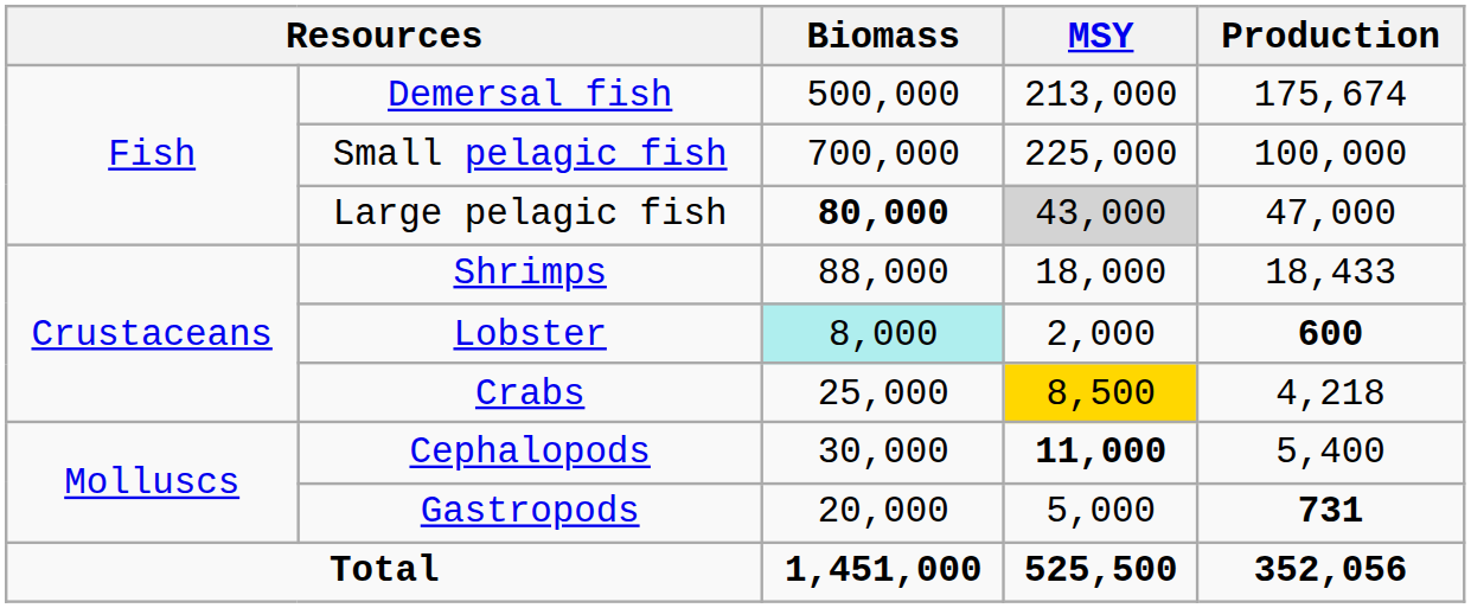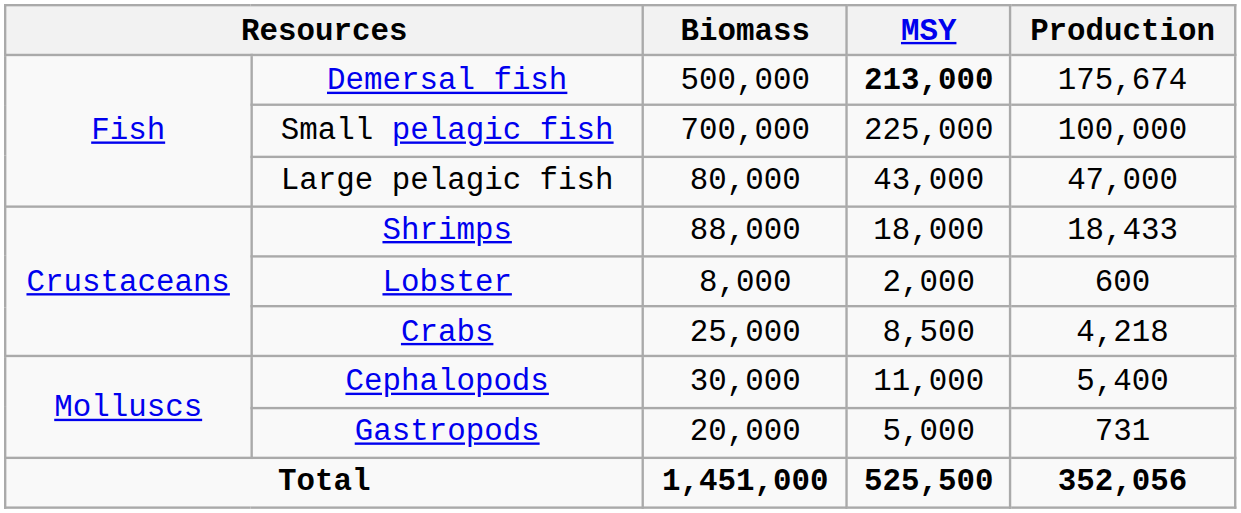 <table class="wikitable" style="text-align:center; align: center; width: 40em; font-size: 100%; border: 2">
 <tr>
 <th colspan="2">Resources</th>
 <th>Biomass</th>
 <th><a href='#'>MSY</a></th>
 <th>Production</th>
 </tr>
 <tr>
 <td rowspan="3"><a href='#'>Fish</a></td>
 <td><a href='#'>Demersal fish</a></td>
 <td>500,000</td>
-<td>213,000</td>
+<td><strong>213,000</strong></td>
 <td>175,674</td>
 </tr>
 <tr>
 <td>Small <a href='#'>pelagic fish</a></td>
 <td>700,000</td>
 <td>225,000</td>
 <td>100,000</td>
 </tr>
 <tr>
 <td>Large pelagic fish</td>
-<td><strong>80,000</strong></td>
-<td style="background: lightgrey;">43,000</td>
+<td>80,000</td>
+<td>43,000</td>
 <td>47,000</td>
 </tr>
 <tr>
 <td rowspan="3"><a href='#'>Crustaceans</a></td>
 <td><a href='#'>Shrimps</a></td>
 <td>88,000</td>
 <td>18,000</td>
 <td>18,433</td>
 </tr>
 <tr>
 <td><a href='#'>Lobster</a></td>
-<td style="background: paleturquoise;">8,000</td>
+<td>8,000</td>
 <td>2,000</td>
-<td><strong>600</strong></td>
+<td>600</td>
 </tr>
 <tr>
 <td><a href='#'>Crabs</a></td>
 <td>25,000</td>
-<td style="background: gold;">8,500</td>
+<td>8,500</td>
 <td>4,218</td>
 </tr>
 <tr>
 <td rowspan="2"><a href='#'>Molluscs</a></td>
 <td><a href='#'>Cephalopods</a></td>
 <td>30,000</td>
-<td><strong>11,000</strong></td>
+<td>11,000</td>
 <td>5,400</td>
 </tr>
 <tr>
 <td><a href='#'>Gastropods</a></td>
 <td>20,000</td>
 <td>5,000</td>
-<td><strong>731</strong></td>
+<td>731</td>
 </tr>
 <tr>
 <td colspan="2"><strong>Total</strong></td>
 <td><strong>1,451,000</strong></td>
 <td><strong>525,500</strong></td>
 <td><strong>352,056</strong></td>
 </tr>
 </table>
